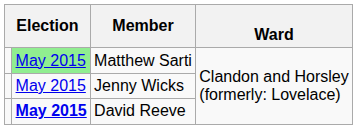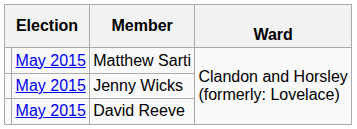 <table class="wikitable">
 <tr>
 <th colspan="2">Election</th>
 <th>Member</th>
 <th><br>Ward</th>
 </tr>
 <tr>
 <td style="background-color:"></td>
-<td style="background: lightgreen;"><a href='#'>May 2015</a></td>
+<td><a href='#'>May 2015</a></td>
 <td>Matthew Sarti</td>
 <td rowspan=3>Clandon and Horsley<br> (formerly: Lovelace)</td>
 </tr>
 <tr>
 <td style="background-color:"></td>
 <td><a href='#'>May 2015</a></td>
 <td>Jenny Wicks</td>
 </tr>
 <tr>
 <td style=""></td>
-<td><strong><a href='#'>May 2015</a></strong></td>
+<td><a href='#'>May 2015</a></td>
 <td>David Reeve</td>
 </tr>
 </table>
